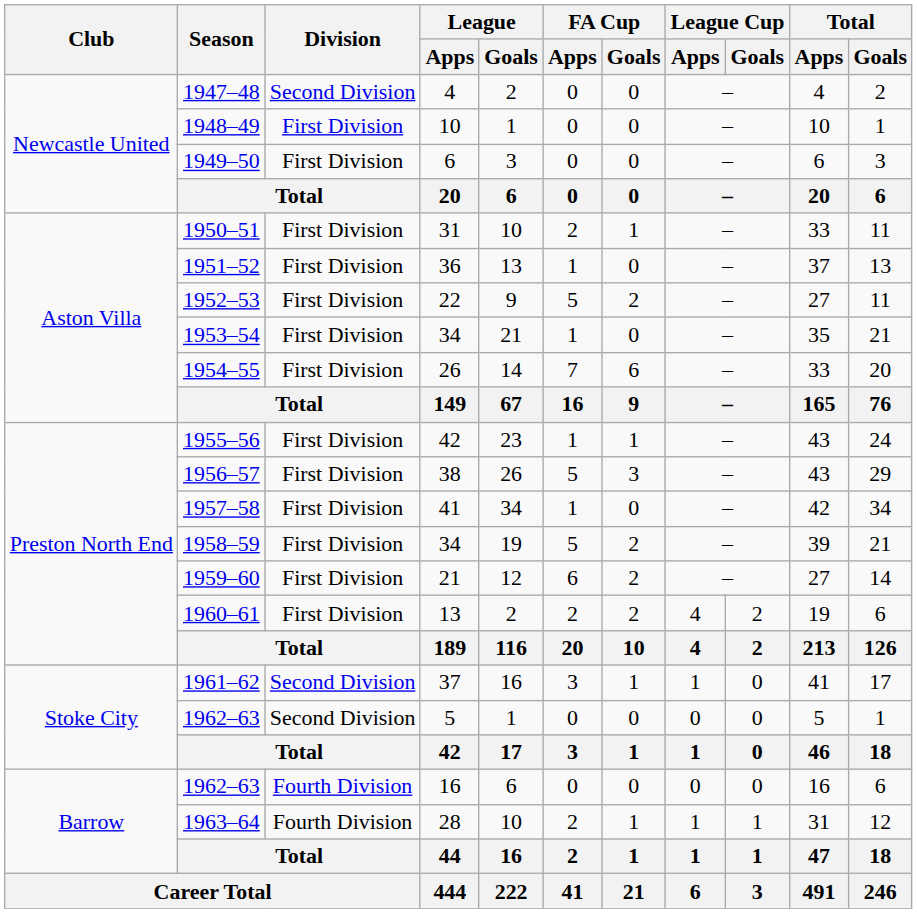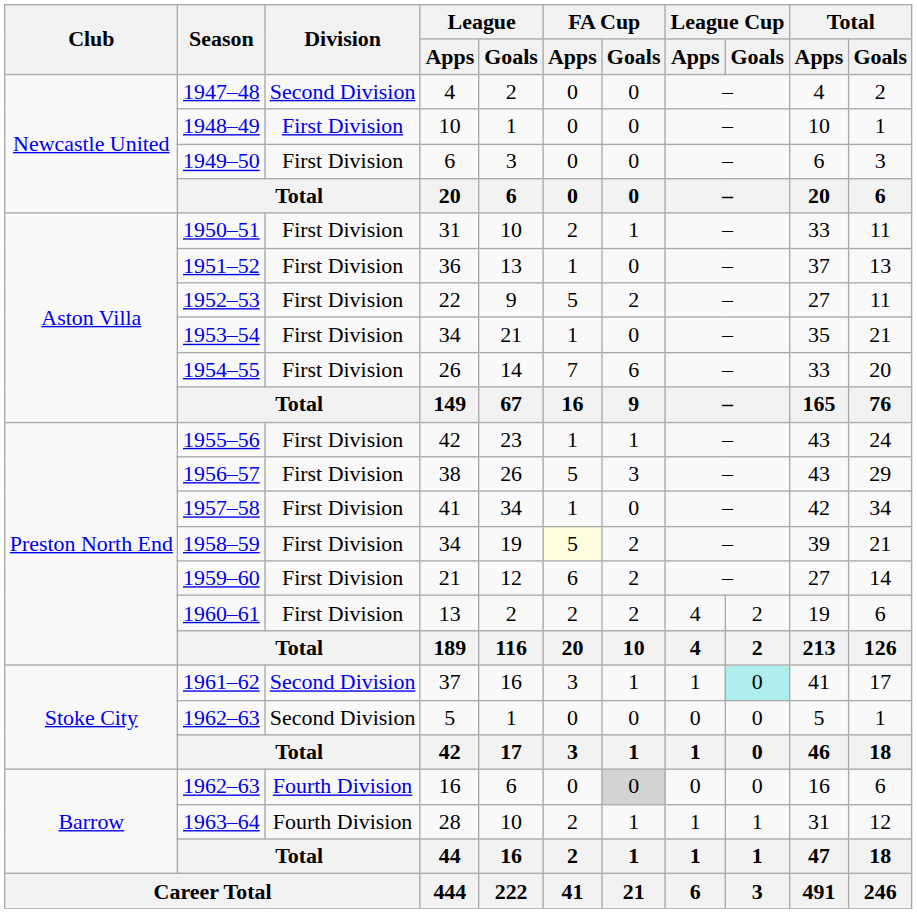 <table class="wikitable" style="text-align: center;">
 <tr>
 <th rowspan="2">Club</th>
 <th rowspan="2">Season</th>
 <th rowspan="2">Division</th>
 <th colspan="2">League</th>
 <th colspan="2">FA Cup</th>
 <th colspan="2">League Cup</th>
 <th colspan="2">Total</th>
 </tr>
 <tr>
 <th>Apps</th>
 <th>Goals</th>
 <th>Apps</th>
 <th>Goals</th>
 <th>Apps</th>
 <th>Goals</th>
 <th>Apps</th>
 <th>Goals</th>
 </tr>
 <tr>
 <td rowspan="4"><a href='#'>Newcastle United</a></td>
 <td><a href='#'>1947–48</a></td>
 <td><a href='#'>Second Division</a></td>
 <td>4</td>
 <td>2</td>
 <td>0</td>
 <td>0</td>
 <td colspan="2">–</td>
 <td>4</td>
 <td>2</td>
 </tr>
 <tr>
 <td><a href='#'>1948–49</a></td>
 <td><a href='#'>First Division</a></td>
 <td>10</td>
 <td>1</td>
 <td>0</td>
 <td>0</td>
 <td colspan="2">–</td>
 <td>10</td>
 <td>1</td>
 </tr>
 <tr>
 <td><a href='#'>1949–50</a></td>
 <td>First Division</td>
 <td>6</td>
 <td>3</td>
 <td>0</td>
 <td>0</td>
 <td colspan="2">–</td>
 <td>6</td>
 <td>3</td>
 </tr>
 <tr>
 <th colspan="2">Total</th>
 <th>20</th>
 <th>6</th>
 <th>0</th>
 <th>0</th>
 <th colspan="2">–</th>
 <th>20</th>
 <th>6</th>
 </tr>
 <tr>
 <td rowspan="6"><a href='#'>Aston Villa</a></td>
 <td><a href='#'>1950–51</a></td>
 <td>First Division</td>
 <td>31</td>
 <td>10</td>
 <td>2</td>
 <td>1</td>
 <td colspan="2">–</td>
 <td>33</td>
 <td>11</td>
 </tr>
 <tr>
 <td><a href='#'>1951–52</a></td>
 <td>First Division</td>
 <td>36</td>
 <td>13</td>
 <td>1</td>
 <td>0</td>
 <td colspan="2">–</td>
 <td>37</td>
 <td>13</td>
 </tr>
 <tr>
 <td><a href='#'>1952–53</a></td>
 <td>First Division</td>
 <td>22</td>
 <td>9</td>
 <td>5</td>
 <td>2</td>
 <td colspan="2">–</td>
 <td>27</td>
 <td>11</td>
 </tr>
 <tr>
 <td><a href='#'>1953–54</a></td>
 <td>First Division</td>
 <td>34</td>
 <td>21</td>
 <td>1</td>
 <td>0</td>
 <td colspan="2">–</td>
 <td>35</td>
 <td>21</td>
 </tr>
 <tr>
 <td><a href='#'>1954–55</a></td>
 <td>First Division</td>
 <td>26</td>
 <td>14</td>
 <td>7</td>
 <td>6</td>
 <td colspan="2">–</td>
 <td>33</td>
 <td>20</td>
 </tr>
 <tr>
 <th colspan="2">Total</th>
 <th>149</th>
 <th>67</th>
 <th>16</th>
 <th>9</th>
 <th colspan="2">–</th>
 <th>165</th>
 <th>76</th>
 </tr>
 <tr>
 <td rowspan="7"><a href='#'>Preston North End</a></td>
 <td><a href='#'>1955–56</a></td>
 <td>First Division</td>
 <td>42</td>
 <td>23</td>
 <td>1</td>
 <td>1</td>
 <td colspan="2">–</td>
 <td>43</td>
 <td>24</td>
 </tr>
 <tr>
 <td><a href='#'>1956–57</a></td>
 <td>First Division</td>
 <td>38</td>
 <td>26</td>
 <td>5</td>
 <td>3</td>
 <td colspan="2">–</td>
 <td>43</td>
 <td>29</td>
 </tr>
 <tr>
 <td><a href='#'>1957–58</a></td>
 <td>First Division</td>
 <td>41</td>
 <td>34</td>
 <td>1</td>
 <td>0</td>
 <td colspan="2">–</td>
 <td>42</td>
 <td>34</td>
 </tr>
 <tr>
 <td><a href='#'>1958–59</a></td>
 <td>First Division</td>
 <td>34</td>
 <td>19</td>
-<td>5</td>
+<td style="background: lightyellow;">5</td>
 <td>2</td>
 <td colspan="2">–</td>
 <td>39</td>
 <td>21</td>
 </tr>
 <tr>
 <td><a href='#'>1959–60</a></td>
 <td>First Division</td>
 <td>21</td>
 <td>12</td>
 <td>6</td>
 <td>2</td>
 <td colspan="2">–</td>
 <td>27</td>
 <td>14</td>
 </tr>
 <tr>
 <td><a href='#'>1960–61</a></td>
 <td>First Division</td>
 <td>13</td>
 <td>2</td>
 <td>2</td>
 <td>2</td>
 <td>4</td>
 <td>2</td>
 <td>19</td>
 <td>6</td>
 </tr>
 <tr>
 <th colspan="2">Total</th>
 <th>189</th>
 <th>116</th>
 <th>20</th>
 <th>10</th>
 <th>4</th>
 <th>2</th>
 <th>213</th>
 <th>126</th>
 </tr>
 <tr>
 <td rowspan="3"><a href='#'>Stoke City</a></td>
 <td><a href='#'>1961–62</a></td>
 <td><a href='#'>Second Division</a></td>
 <td>37</td>
 <td>16</td>
 <td>3</td>
 <td>1</td>
 <td>1</td>
-<td>0</td>
+<td style="background: paleturquoise;">0</td>
 <td>41</td>
 <td>17</td>
 </tr>
 <tr>
 <td><a href='#'>1962–63</a></td>
 <td>Second Division</td>
 <td>5</td>
 <td>1</td>
 <td>0</td>
 <td>0</td>
 <td>0</td>
 <td>0</td>
 <td>5</td>
 <td>1</td>
 </tr>
 <tr>
 <th colspan="2">Total</th>
 <th>42</th>
 <th>17</th>
 <th>3</th>
 <th>1</th>
 <th>1</th>
 <th>0</th>
 <th>46</th>
 <th>18</th>
 </tr>
 <tr>
 <td rowspan="3"><a href='#'>Barrow</a></td>
 <td><a href='#'>1962–63</a></td>
 <td><a href='#'>Fourth Division</a></td>
 <td>16</td>
 <td>6</td>
 <td>0</td>
-<td>0</td>
+<td style="background: lightgrey;">0</td>
 <td>0</td>
 <td>0</td>
 <td>16</td>
 <td>6</td>
 </tr>
 <tr>
 <td><a href='#'>1963–64</a></td>
 <td>Fourth Division</td>
 <td>28</td>
 <td>10</td>
 <td>2</td>
 <td>1</td>
 <td>1</td>
 <td>1</td>
 <td>31</td>
 <td>12</td>
 </tr>
 <tr>
 <th colspan="2">Total</th>
 <th>44</th>
 <th>16</th>
 <th>2</th>
 <th>1</th>
 <th>1</th>
 <th>1</th>
 <th>47</th>
 <th>18</th>
 </tr>
 <tr>
 <th colspan="3">Career Total</th>
 <th>444</th>
 <th>222</th>
 <th>41</th>
 <th>21</th>
 <th>6</th>
 <th>3</th>
 <th>491</th>
 <th>246</th>
 </tr>
 </table>
